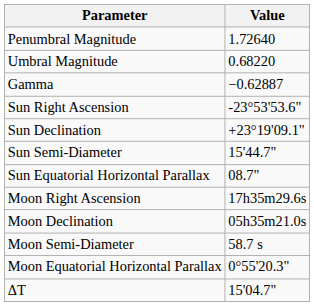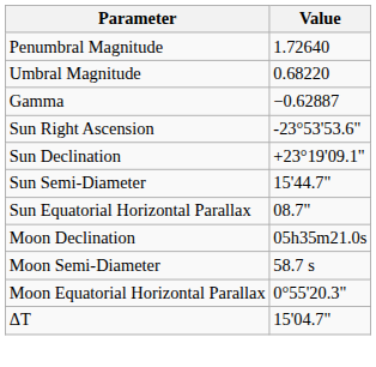 <table class="wikitable">
 <tr>
 <th>Parameter</th>
 <th>Value</th>
 </tr>
 <tr>
 <td>Penumbral Magnitude</td>
 <td>1.72640</td>
 </tr>
 <tr>
 <td>Umbral Magnitude</td>
 <td>0.68220</td>
 </tr>
 <tr>
 <td>Gamma</td>
 <td>−0.62887</td>
 </tr>
 <tr>
 <td>Sun Right Ascension</td>
 <td>-23°53'53.6"</td>
 </tr>
 <tr>
 <td>Sun Declination</td>
 <td>+23°19'09.1"</td>
 </tr>
 <tr>
 <td>Sun Semi-Diameter</td>
 <td>15'44.7"</td>
 </tr>
 <tr>
 <td>Sun Equatorial Horizontal Parallax</td>
 <td>08.7"</td>
 </tr>
 <tr>
-<td>Moon Right Ascension</td>
-<td>17h35m29.6s</td>
-</tr>
-<tr>
 <td>Moon Declination</td>
 <td>05h35m21.0s</td>
 </tr>
 <tr>
 <td>Moon Semi-Diameter</td>
 <td>58.7 s</td>
 </tr>
 <tr>
 <td>Moon Equatorial Horizontal Parallax</td>
 <td>0°55'20.3"</td>
 </tr>
 <tr>
 <td>ΔT</td>
 <td>15'04.7"</td>
 </tr>
 </table>
